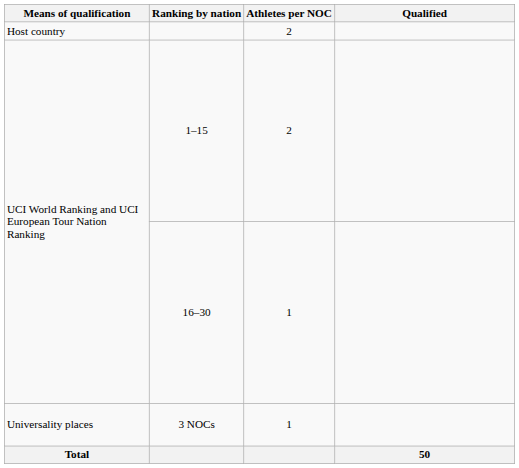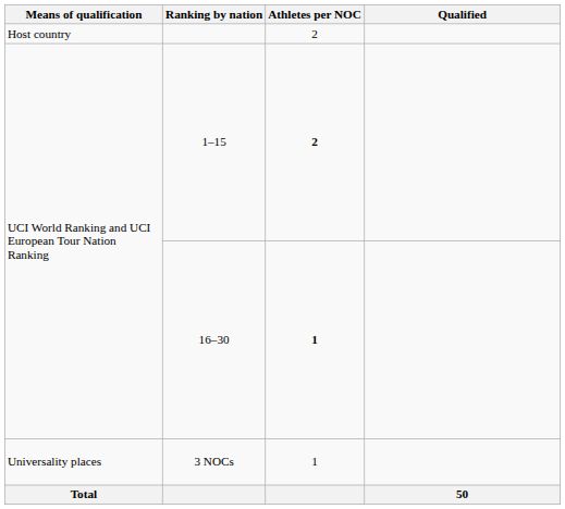 <table class="wikitable"  style="text-align:center;">
 <tr>
 <th width="200">Means of qualification</th>
 <th>Ranking by nation</th>
 <th>Athletes per NOC</th>
 <th width="250">Qualified</th>
 </tr>
 <tr>
 <td style="text-align:left;">Host country</td>
 <td></td>
 <td>2</td>
 <td align="left"></td>
 </tr>
 <tr>
 <td style="text-align:left;" rowspan="2">UCI World Ranking and UCI European Tour Nation Ranking</td>
 <td>1–15</td>
-<td>2</td>
+<td><strong>2</strong></td>
 <td align="left"><br><br><br><br><br><br><br><br><br><br><br><br><br><br></td>
 </tr>
 <tr>
 <td>16–30</td>
-<td>1</td>
+<td><strong>1</strong></td>
 <td align="left"><br><br><br><br><br><br><br><br><br><br><br><br><br><br></td>
 </tr>
 <tr>
 <td style="text-align:left;">Universality places</td>
 <td>3 NOCs</td>
 <td>1</td>
 <td align="left"><br><br><br></td>
 </tr>
 <tr>
 <th>Total</th>
 <th></th>
 <th></th>
 <th>50</th>
 </tr>
 </table>
